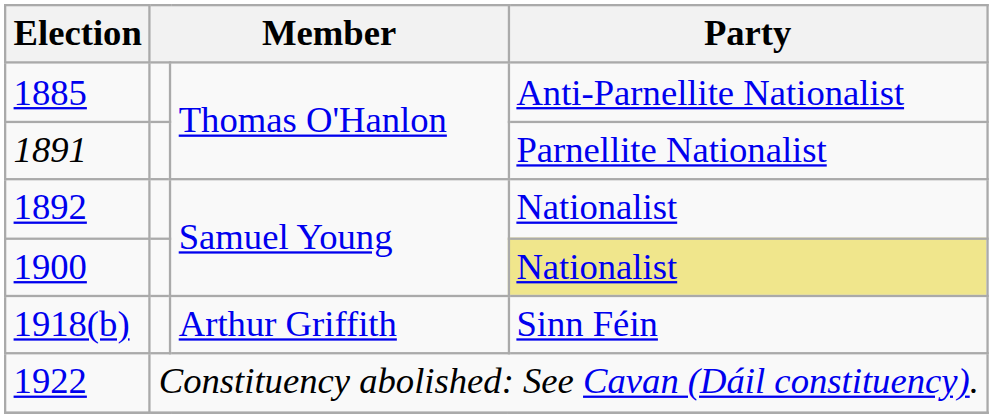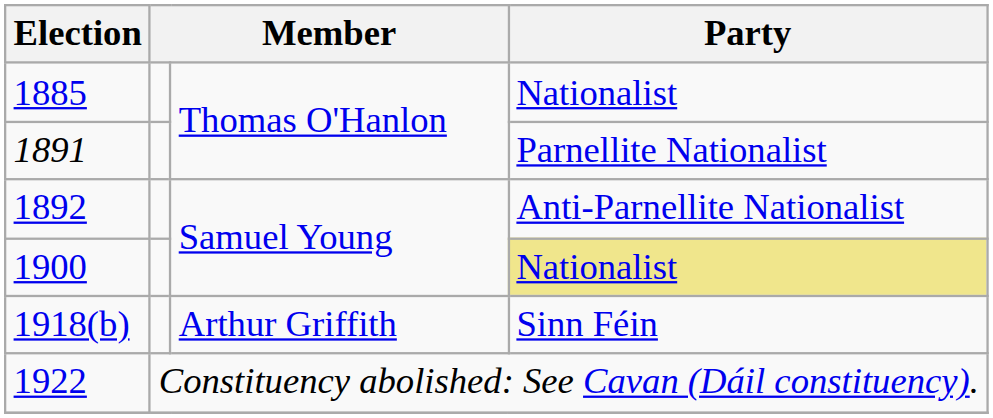 <table class="wikitable">
 <tr>
 <th>Election</th>
 <th colspan="2">Member</th>
 <th>Party</th>
 </tr>
 <tr>
 <td><a href='#'>1885</a></td>
 <td style="color:inherit;background-color: "></td>
 <td rowspan="2"><a href='#'>Thomas O'Hanlon</a></td>
-<td><a href='#'>Anti-Parnellite Nationalist</a></td>
+<td><a href='#'>Nationalist</a></td>
 </tr>
 <tr>
 <td><em>1891</em></td>
 <td style="color:inherit;background-color: "></td>
 <td><a href='#'>Parnellite Nationalist</a></td>
 </tr>
 <tr>
 <td><a href='#'>1892</a></td>
 <td style="color:inherit;background-color: "></td>
 <td rowspan="2"><a href='#'>Samuel Young</a></td>
-<td><a href='#'>Nationalist</a></td>
+<td><a href='#'>Anti-Parnellite Nationalist</a></td>
 </tr>
 <tr>
 <td><a href='#'>1900</a></td>
 <td style="color:inherit;background-color: "></td>
 <td style="background: khaki;"><a href='#'>Nationalist</a></td>
 </tr>
 <tr>
 <td><a href='#'>1918(b)</a></td>
 <td style="color:inherit;background-color: "></td>
 <td><a href='#'>Arthur Griffith</a></td>
 <td><a href='#'>Sinn Féin</a></td>
 </tr>
 <tr>
 <td><a href='#'>1922</a></td>
 <td colspan=3><em>Constituency abolished: See <a href='#'>Cavan (Dáil constituency)</a>.</em></td>
 </tr>
 <tr>
 </tr>
 </table>
